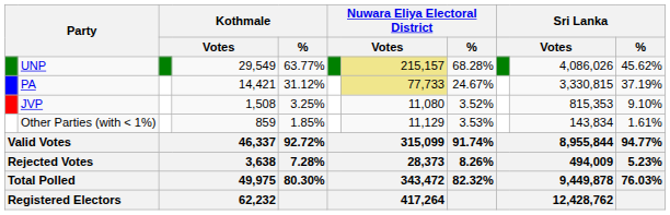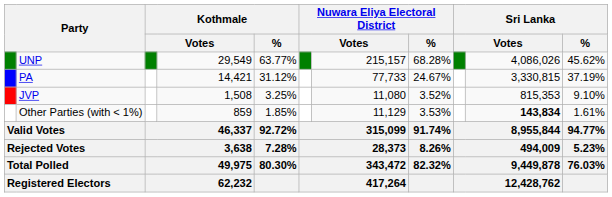 <table class="wikitable">
 <tr>
 <th colspan="2" width="144px"rowspan="2">Party</th>
 <th colspan="3" width="216px">Kothmale</th>
 <th colspan="3" width="216px"><a href='#'>Nuwara Eliya Electoral District</a></th>
 <th colspan="3" width="216px">Sri Lanka</th>
 </tr>
 <tr>
 <th colspan="2" width="144px">Votes</th>
 <th>%</th>
 <th colspan="2" width="144px">Votes</th>
 <th>%</th>
 <th colspan="2" width="144px">Votes</th>
 <th>%</th>
 </tr>
 <tr>
 <td style="background-color:green;" width="10px"></td>
 <td style="text-align:left;"><a href='#'>UNP</a></td>
 <td style="background-color:green;" width="10px"></td>
 <td style="text-align:right;">29,549</td>
 <td style="text-align:right;">63.77%</td>
 <td style="background-color:green;" width="10px"></td>
-<td style="background: khaki; text-align:right;">215,157</td>
+<td style="text-align:right;">215,157</td>
 <td style="text-align:right;">68.28%</td>
 <td style="background-color:green;" width="10px"></td>
 <td style="text-align:right;">4,086,026</td>
 <td style="text-align:right;">45.62%</td>
 </tr>
 <tr>
 <td style="background-color:blue;" width="10px"></td>
 <td style="text-align:left;"><a href='#'>PA</a></td>
 <td style="background-color:white;" width="10px"></td>
 <td style="text-align:right;">14,421</td>
 <td style="text-align:right;">31.12%</td>
 <td style="background-color:white;" width="10px"></td>
-<td style="background: khaki; text-align:right;">77,733</td>
+<td style="text-align:right;">77,733</td>
 <td style="text-align:right;">24.67%</td>
 <td style="background-color:white;" width="10px"></td>
 <td style="text-align:right;">3,330,815</td>
 <td style="text-align:right;">37.19%</td>
 </tr>
 <tr>
 <td style="background-color:red;" width="10px"></td>
 <td style="text-align:left;"><a href='#'>JVP</a></td>
 <td style="background-color:white;" width="10px"></td>
 <td style="text-align:right;">1,508</td>
 <td style="text-align:right;">3.25%</td>
 <td style="background-color:white;" width="10px"></td>
 <td style="text-align:right;">11,080</td>
 <td style="text-align:right;">3.52%</td>
 <td style="background-color:white;" width="10px"></td>
 <td style="text-align:right;">815,353</td>
 <td style="text-align:right;">9.10%</td>
 </tr>
 <tr>
 <td style="background-color:white;" width="10px"></td>
 <td style="text-align:left;">Other Parties (with < 1%)</td>
 <td style="background-color:white;" width="10px"></td>
 <td style="text-align:right;">859</td>
 <td style="text-align:right;">1.85%</td>
 <td style="background-color:white;" width="10px"></td>
 <td style="text-align:right;">11,129</td>
 <td style="text-align:right;">3.53%</td>
 <td style="background-color:white;" width="10px"></td>
-<td style="text-align:right;">143,834</td>
+<td style="text-align:right;"><strong>143,834</strong></td>
 <td style="text-align:right;">1.61%</td>
 </tr>
 <tr>
 <th colspan="2" width="144px"style="text-align:left;">Valid Votes</th>
 <th style="text-align:right;"colspan="2" width="144px">46,337</th>
 <th style="text-align:right;">92.72%</th>
 <th style="text-align:right;"colspan="2" width="144px">315,099</th>
 <th style="text-align:right;">91.74%</th>
 <th style="text-align:right;"colspan="2" width="144px">8,955,844</th>
 <th style="text-align:right;">94.77%</th>
 </tr>
 <tr>
 <th colspan="2" width="144px"style="text-align:left;">Rejected Votes</th>
 <th style="text-align:right;"colspan="2" width="144px">3,638</th>
 <th style="text-align:right;">7.28%</th>
 <th style="text-align:right;"colspan="2" width="144px">28,373</th>
 <th style="text-align:right;">8.26%</th>
 <th style="text-align:right;"colspan="2" width="144px">494,009</th>
 <th style="text-align:right;">5.23%</th>
 </tr>
 <tr>
 <th colspan="2" width="144px"style="text-align:left;">Total Polled</th>
 <th style="text-align:right;"colspan="2" width="144px">49,975</th>
 <th style="text-align:right;">80.30%</th>
 <th style="text-align:right;"colspan="2" width="144px">343,472</th>
 <th style="text-align:right;">82.32%</th>
 <th style="text-align:right;"colspan="2" width="144px">9,449,878</th>
 <th style="text-align:right;">76.03%</th>
 </tr>
 <tr>
 <th colspan="2" width="144px"style="text-align:left;">Registered Electors</th>
 <th style="text-align:right;"colspan="2" width="144px">62,232</th>
 <th></th>
 <th style="text-align:right;"colspan="2" width="144px">417,264</th>
 <th></th>
 <th style="text-align:right;"colspan="2" width="144px">12,428,762</th>
 <th></th>
 </tr>
 </table>
